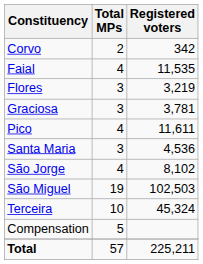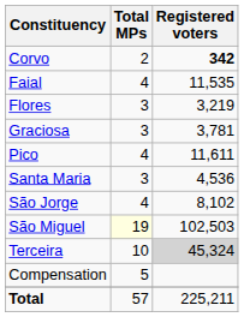 <table class="wikitable sortable" style="text-align:right">
 <tr>
 <th>Constituency</th>
 <th>Total <br>MPs</th>
 <th>Registered<br>voters</th>
 </tr>
 <tr>
 <td align="left"><a href='#'>Corvo</a></td>
 <td>2</td>
-<td>342</td>
+<td><strong>342</strong></td>
 </tr>
 <tr>
 <td align="left"><a href='#'>Faial</a></td>
 <td>4</td>
 <td>11,535</td>
 </tr>
 <tr>
 <td align="left"><a href='#'>Flores</a></td>
 <td>3</td>
 <td>3,219</td>
 </tr>
 <tr>
 <td align="left"><a href='#'>Graciosa</a></td>
 <td>3</td>
 <td>3,781</td>
 </tr>
 <tr>
 <td align="left"><a href='#'>Pico</a></td>
 <td>4</td>
 <td>11,611</td>
 </tr>
 <tr>
 <td align="left"><a href='#'>Santa Maria</a></td>
 <td>3</td>
 <td>4,536</td>
 </tr>
 <tr>
 <td align="left"><a href='#'>São Jorge</a></td>
 <td>4</td>
 <td>8,102</td>
 </tr>
 <tr>
 <td align="left"><a href='#'>São Miguel</a></td>
-<td>19</td>
+<td style="background: lightyellow;">19</td>
 <td>102,503</td>
 </tr>
 <tr>
 <td align="left"><a href='#'>Terceira</a></td>
 <td>10</td>
-<td>45,324</td>
+<td style="background: lightgrey;">45,324</td>
 </tr>
 <tr>
 <td align="left">Compensation</td>
 <td>5</td>
 <td></td>
 </tr>
 <tr>
 </tr>
 <tr>
 <td align="left"><strong>Total</strong></td>
 <td>57</td>
 <td>225,211</td>
 </tr>
 </table>
